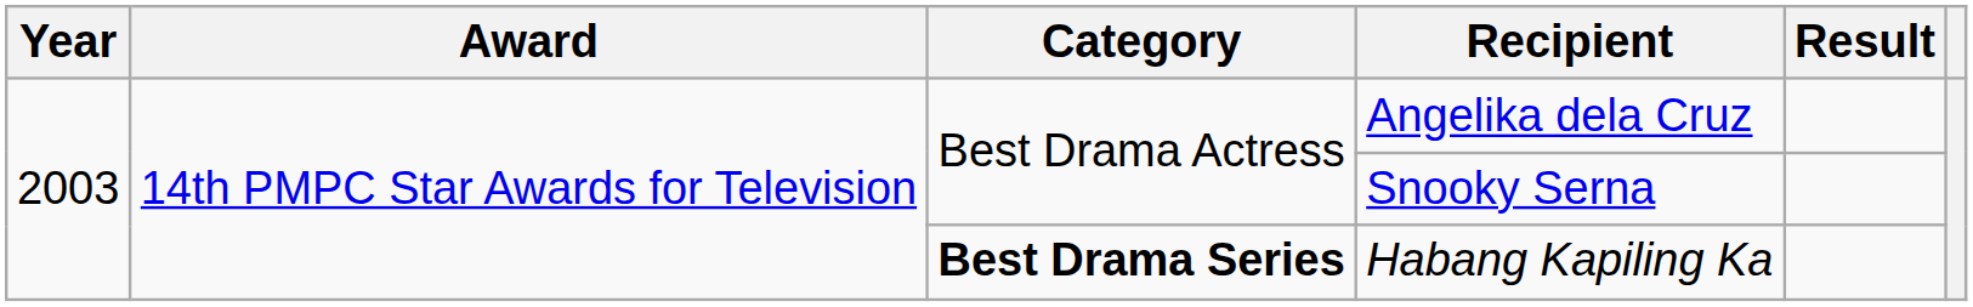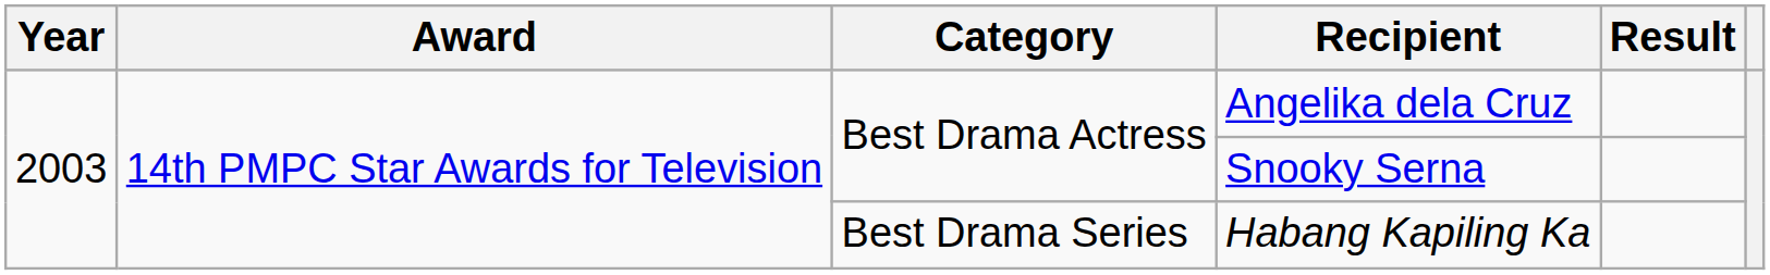 <table class="wikitable">
 <tr>
 <th>Year</th>
 <th>Award</th>
 <th>Category</th>
 <th>Recipient</th>
 <th>Result</th>
 <th></th>
 </tr>
 <tr>
 <td rowspan=3>2003</td>
 <td rowspan=3><a href='#'>14th PMPC Star Awards for Television</a></td>
 <td rowspan=2>Best Drama Actress</td>
 <td><a href='#'>Angelika dela Cruz</a></td>
 <td></td>
 <th rowspan=3></th>
 </tr>
 <tr>
 <td><a href='#'>Snooky Serna</a></td>
 <td></td>
 </tr>
 <tr>
-<td><strong>Best Drama Series</strong></td>
+<td>Best Drama Series</td>
 <td><em>Habang Kapiling Ka</em></td>
 <td></td>
 </tr>
 </table>
